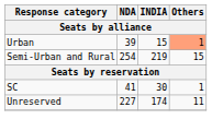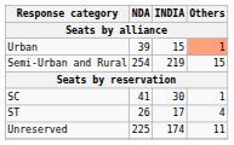 <table class="wikitable mw-collapsible sortable" style="font-size:90%; line-height:1.2">
 <tr>
 <th>Response category</th>
 <th>NDA</th>
 <th>INDIA</th>
 <th>Others</th>
 </tr>
 <tr>
 <th colspan="4">Seats by alliance</th>
 </tr>
 <tr>
 <td>Urban</td>
 <td style="text-align:right;background:">39</td>
 <td style="text-align:right;">15</td>
 <td style="background: lightsalmon; text-align:right;">1</td>
 </tr>
 <tr>
 <td>Semi-Urban and Rural</td>
 <td style="text-align:right;background:">254</td>
 <td style="text-align:right;">219</td>
 <td style="text-align:right;">15</td>
 </tr>
 <tr>
 <th colspan="4">Seats by reservation</th>
 </tr>
 <tr>
 <td>SC</td>
 <td style="text-align:right;">41</td>
 <td style="text-align:right;background:">30</td>
 <td style="text-align:right;">1</td>
 </tr>
 <tr>
+<td>ST</td>
+<td style="text-align:right;background:">26</td>
+<td style="text-align:right;">17</td>
+<td style="text-align:right;">4</td>
+</tr>
+<tr>
 <td>Unreserved</td>
-<td style="text-align:right;background:">227</td>
+<td style="text-align:right;background:">225</td>
 <td style="text-align:right;">174</td>
 <td style="text-align:right;">11</td>
 </tr>
 <tr>
 </tr>
 </table>
